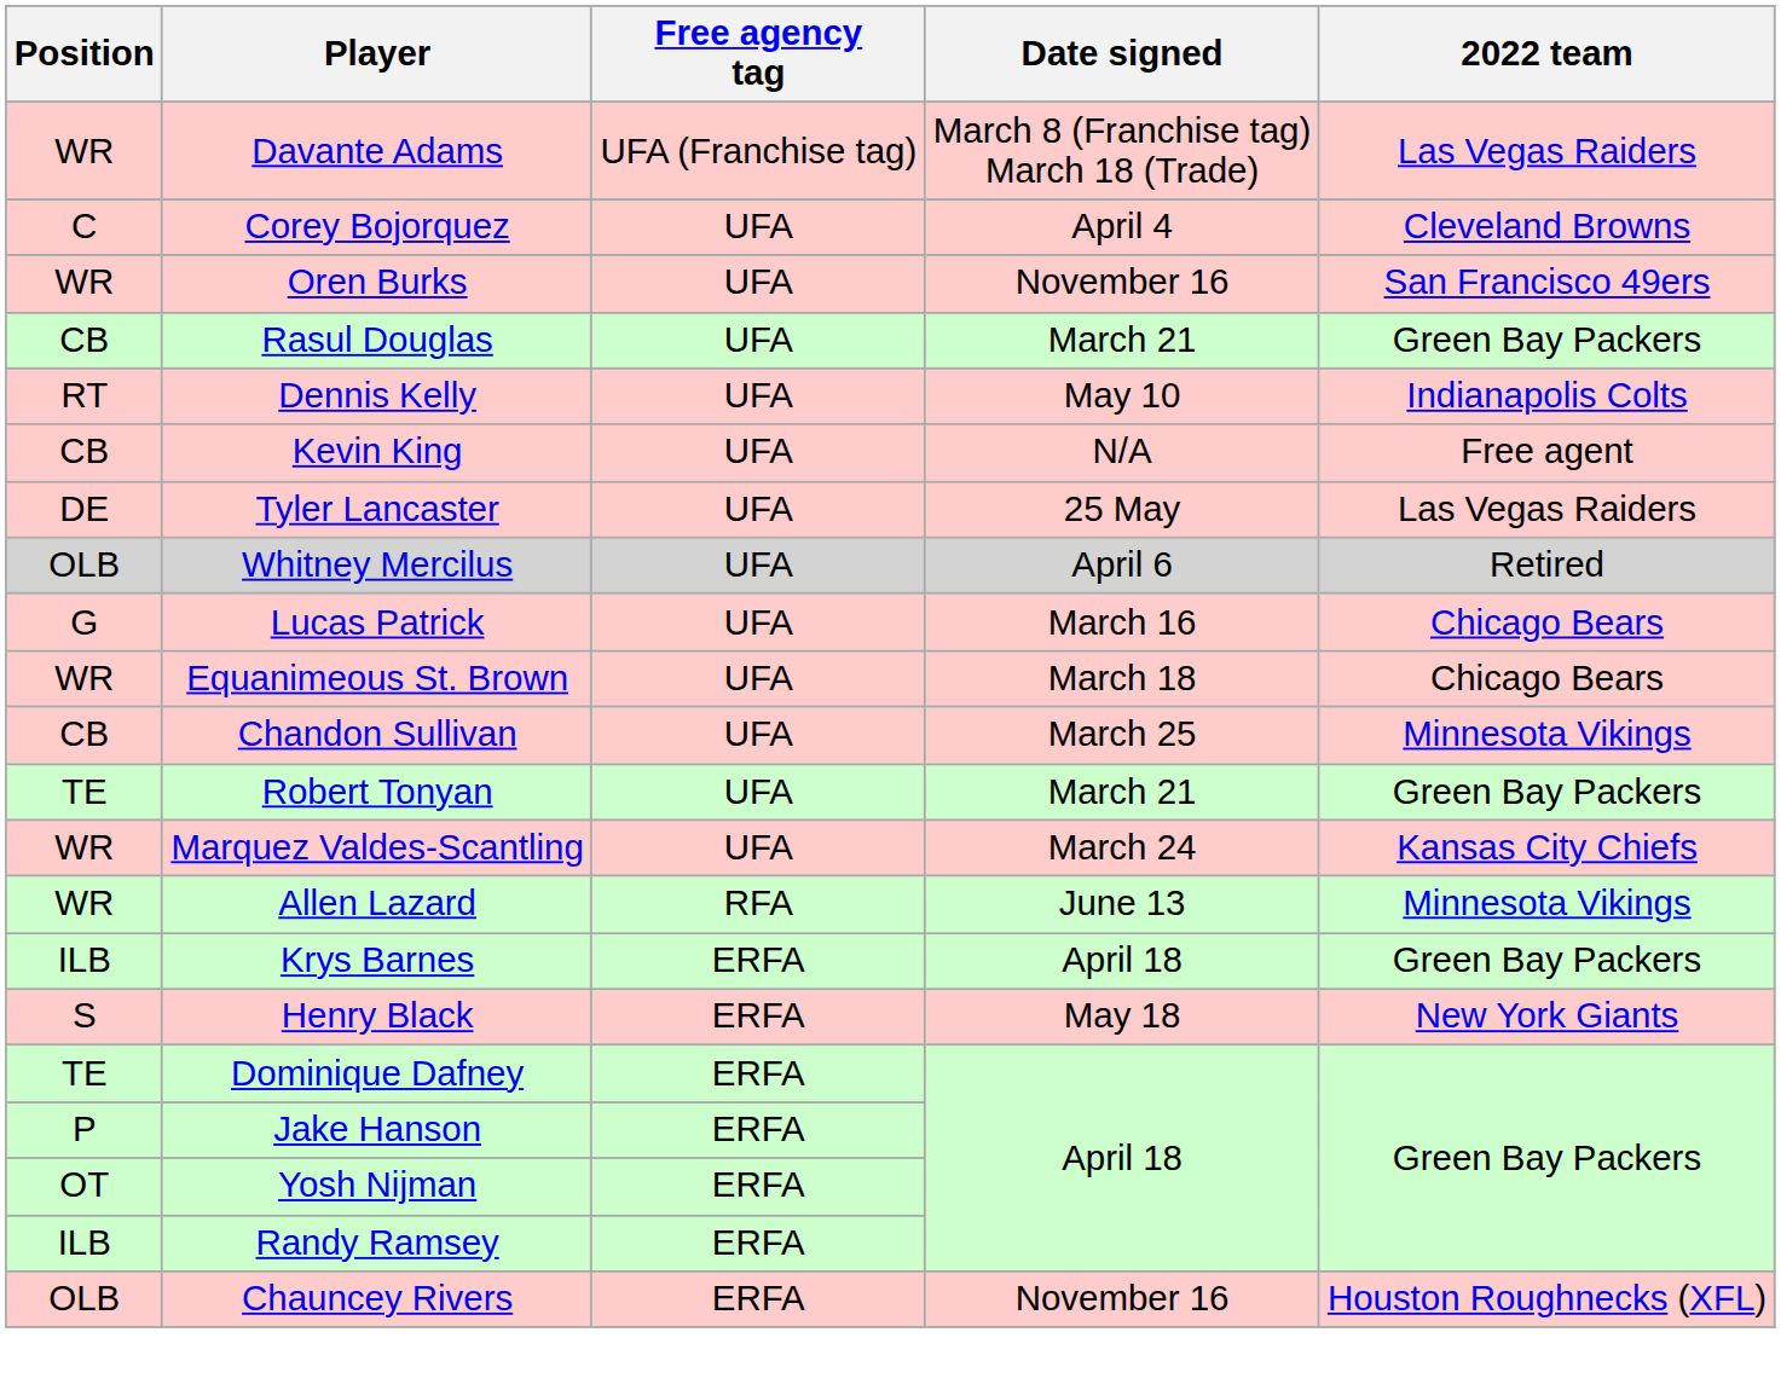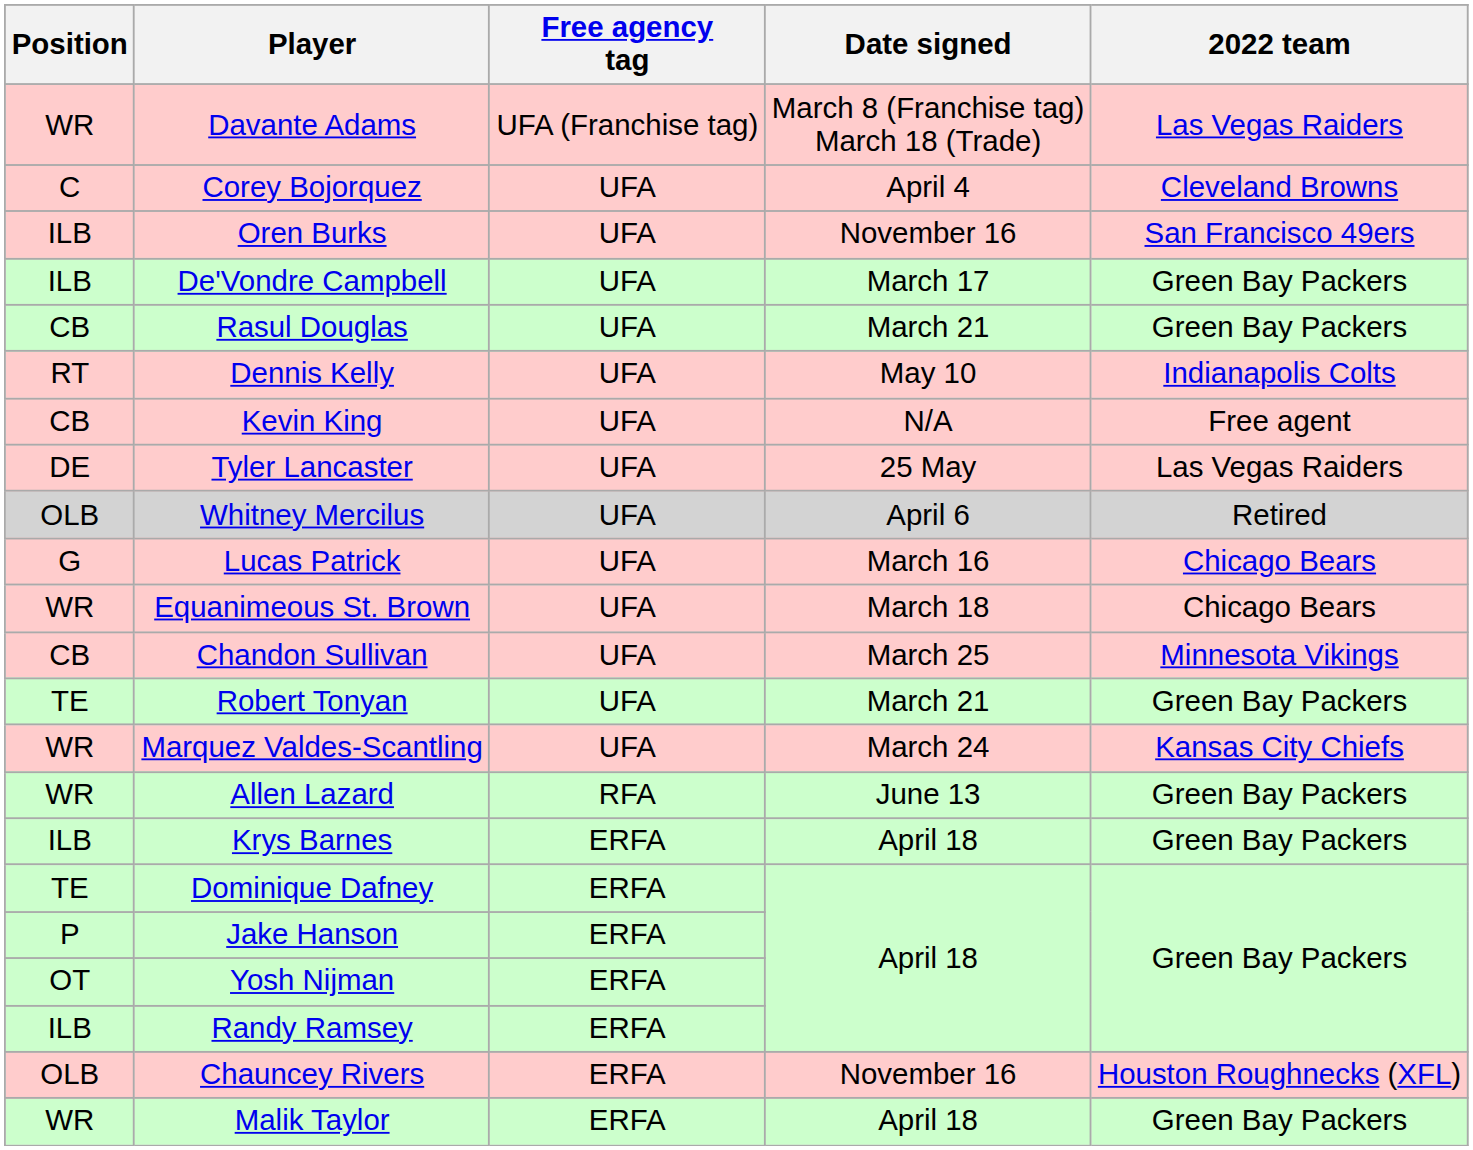 <table class="wikitable" style="text-align:center">
 <tr>
 <th>Position</th>
 <th>Player</th>
 <th><a href='#'><span>Free agency</span></a><br>tag</th>
 <th>Date signed</th>
 <th>2022 team</th>
 </tr>
 <tr bgcolor=ffcccc>
 <td>WR</td>
 <td><a href='#'>Davante Adams</a></td>
 <td>UFA (Franchise tag)</td>
 <td>March 8 (Franchise tag)<br>March 18 (Trade)</td>
 <td><a href='#'>Las Vegas Raiders</a></td>
 </tr>
 <tr bgcolor=ffcccc>
 <td>C</td>
 <td><a href='#'>Corey Bojorquez</a></td>
 <td>UFA</td>
 <td>April 4</td>
 <td><a href='#'>Cleveland Browns</a></td>
 </tr>
 <tr bgcolor=ffcccc>
-<td>WR</td>
+<td>ILB</td>
 <td><a href='#'>Oren Burks</a></td>
 <td>UFA</td>
 <td>November 16</td>
 <td><a href='#'>San Francisco 49ers</a></td>
+</tr>
+<tr bgcolor=ccffcc>
+<td>ILB</td>
+<td><a href='#'>De'Vondre Campbell</a></td>
+<td>UFA</td>
+<td>March 17</td>
+<td>Green Bay Packers</td>
 </tr>
 <tr bgcolor=ccffcc>
 <td>CB</td>
 <td><a href='#'>Rasul Douglas</a></td>
 <td>UFA</td>
 <td>March 21</td>
 <td>Green Bay Packers</td>
 </tr>
 <tr bgcolor=ffcccc>
 <td>RT</td>
 <td><a href='#'>Dennis Kelly</a></td>
 <td>UFA</td>
 <td>May 10</td>
 <td><a href='#'>Indianapolis Colts</a></td>
 </tr>
 <tr bgcolor=ffcccc>
 <td>CB</td>
 <td><a href='#'>Kevin King</a></td>
 <td>UFA</td>
 <td>N/A</td>
 <td>Free agent</td>
 </tr>
 <tr bgcolor=ffcccc>
 <td>DE</td>
 <td><a href='#'>Tyler Lancaster</a></td>
 <td>UFA</td>
 <td>25 May</td>
 <td>Las Vegas Raiders</td>
 </tr>
 <tr bgcolor=D3D3D3>
 <td>OLB</td>
 <td><a href='#'>Whitney Mercilus</a></td>
 <td>UFA</td>
 <td>April 6</td>
 <td>Retired</td>
 </tr>
 <tr bgcolor=ffcccc>
 <td>G</td>
 <td><a href='#'>Lucas Patrick</a></td>
 <td>UFA</td>
 <td>March 16</td>
 <td><a href='#'>Chicago Bears</a></td>
 </tr>
 <tr bgcolor=ffcccc>
 <td>WR</td>
 <td><a href='#'>Equanimeous St. Brown</a></td>
 <td>UFA</td>
 <td>March 18</td>
 <td>Chicago Bears</td>
 </tr>
 <tr bgcolor=ffcccc>
 <td>CB</td>
 <td><a href='#'>Chandon Sullivan</a></td>
 <td>UFA</td>
 <td>March 25</td>
 <td><a href='#'>Minnesota Vikings</a></td>
 </tr>
 <tr bgcolor=ccffcc>
 <td>TE</td>
 <td><a href='#'>Robert Tonyan</a></td>
 <td>UFA</td>
 <td>March 21</td>
 <td>Green Bay Packers</td>
 </tr>
 <tr bgcolor=ffcccc>
 <td>WR</td>
 <td><a href='#'>Marquez Valdes-Scantling</a></td>
 <td>UFA</td>
 <td>March 24</td>
 <td><a href='#'>Kansas City Chiefs</a></td>
 </tr>
 <tr bgcolor=ccffcc>
 <td>WR</td>
 <td><a href='#'>Allen Lazard</a></td>
 <td>RFA</td>
 <td>June 13</td>
-<td><a href='#'>Minnesota Vikings</a></td>
+<td>Green Bay Packers</td>
 </tr>
 <tr bgcolor=ccffcc>
 <td>ILB</td>
 <td><a href='#'>Krys Barnes</a></td>
 <td>ERFA</td>
 <td>April 18</td>
 <td>Green Bay Packers</td>
-</tr>
-<tr bgcolor=ffcccc>
-<td>S</td>
-<td><a href='#'>Henry Black</a></td>
-<td>ERFA</td>
-<td>May 18</td>
-<td><a href='#'>New York Giants</a></td>
 </tr>
 <tr bgcolor=ccffcc>
 <td>TE</td>
 <td><a href='#'>Dominique Dafney</a></td>
 <td>ERFA</td>
 <td rowspan="4">April 18</td>
 <td rowspan="4">Green Bay Packers</td>
 </tr>
 <tr bgcolor=ccffcc>
 <td>P</td>
 <td><a href='#'>Jake Hanson</a></td>
 <td>ERFA</td>
 </tr>
 <tr bgcolor=ccffcc>
 <td>OT</td>
 <td><a href='#'>Yosh Nijman</a></td>
 <td>ERFA</td>
 </tr>
 <tr bgcolor=ccffcc>
 <td>ILB</td>
 <td><a href='#'>Randy Ramsey</a></td>
 <td>ERFA</td>
 </tr>
 <tr bgcolor=ffcccc>
 <td>OLB</td>
 <td><a href='#'>Chauncey Rivers</a></td>
 <td>ERFA</td>
 <td>November 16</td>
 <td><a href='#'>Houston Roughnecks</a> (<a href='#'>XFL</a>)</td>
 </tr>
+<tr bgcolor=ccffcc>
+<td>WR</td>
+<td><a href='#'>Malik Taylor</a></td>
+<td>ERFA</td>
+<td>April 18</td>
+<td>Green Bay Packers</td>
+</tr>
 </table>
